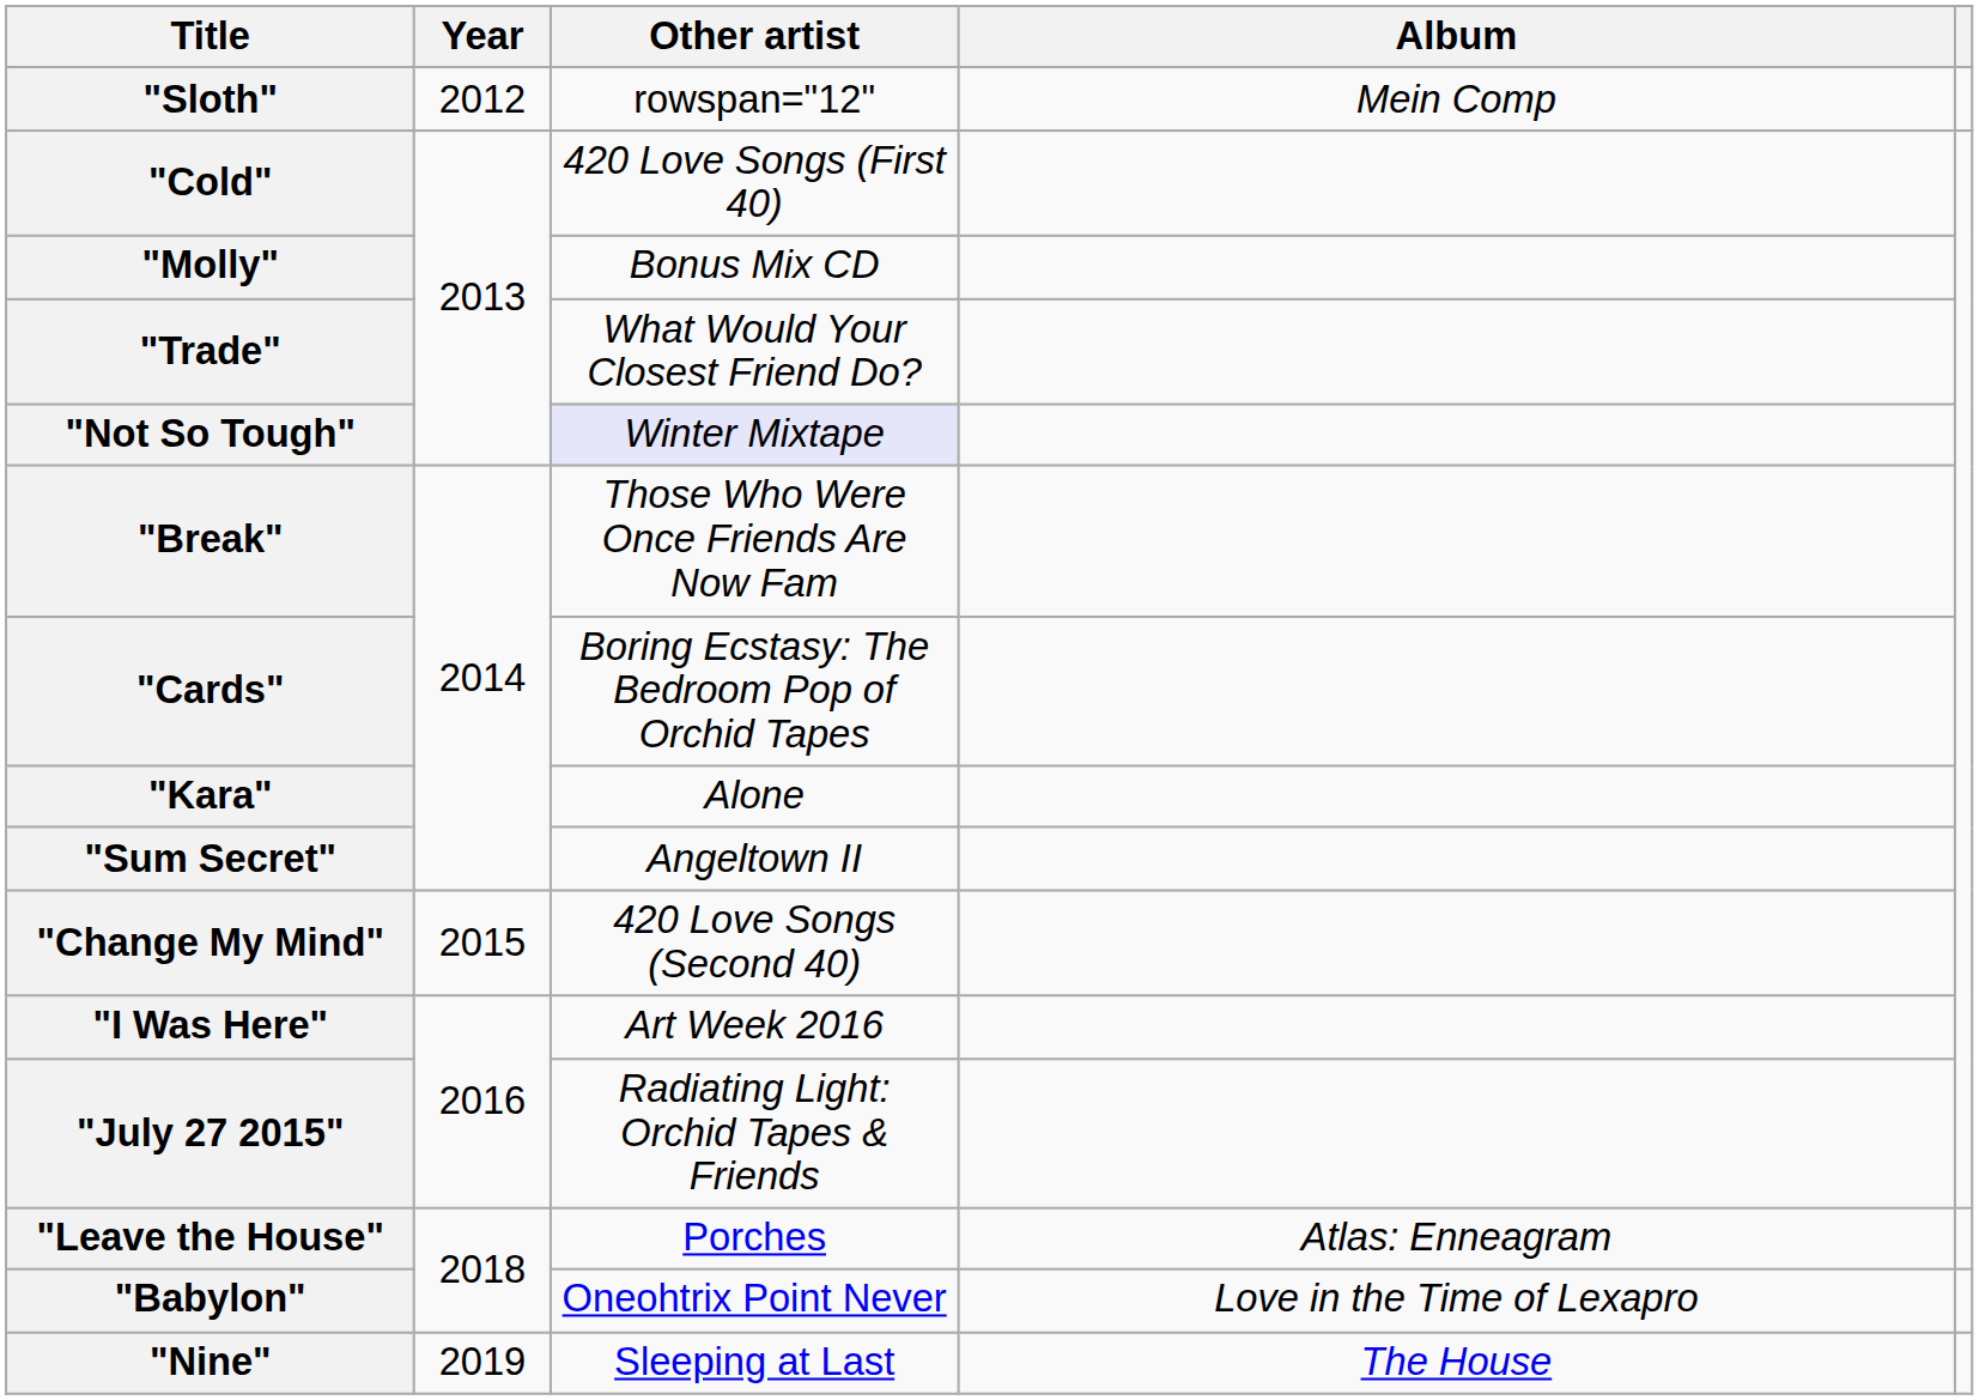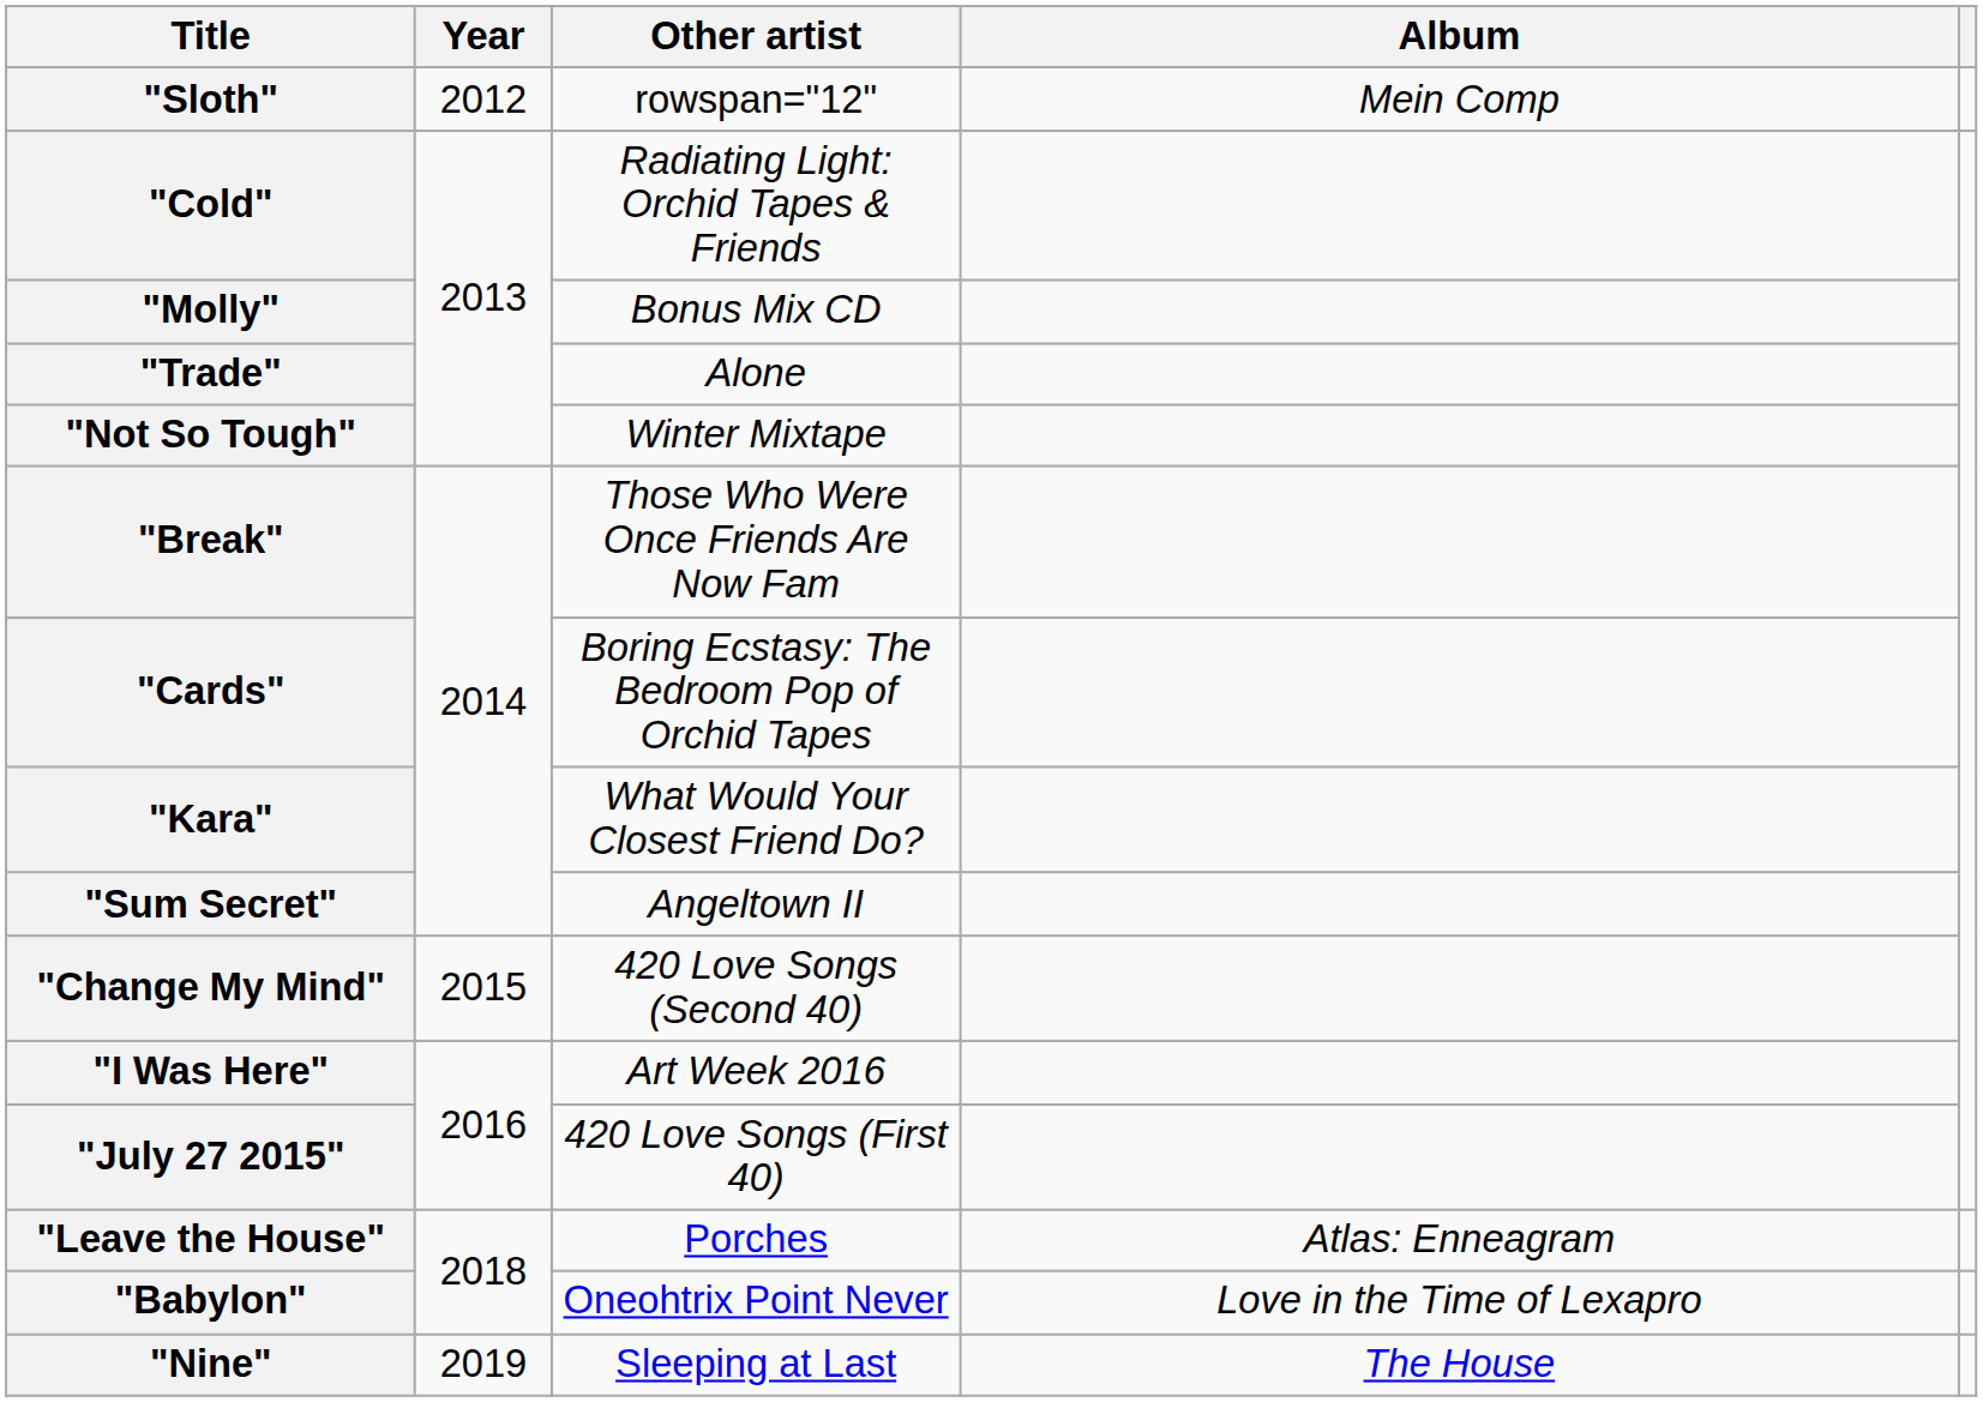 <table class="wikitable plainrowheaders" style="text-align:center;">
 <tr>
 <th scope="col" style="width:10em;">Title</th>
 <th scope="col" style="width:3em;">Year</th>
 <th scope="col" style="width:10em;">Other artist</th>
 <th scope="col" style="width:25em;">Album</th>
 <th></th>
 </tr>
 <tr>
 <th scope="row">"Sloth"</th>
 <td>2012</td>
 <td>rowspan="12" </td>
 <td><em>Mein Comp</em></td>
 <td></td>
 </tr>
 <tr>
 <th scope="row">"Cold"</th>
 <td rowspan="4">2013</td>
-<td><em>420 Love Songs (First 40)</em></td>
+<td><em>Radiating Light: Orchid Tapes & Friends</em></td>
 <td></td>
 </tr>
 <tr>
 <th scope="row">"Molly"</th>
 <td><em>Bonus Mix CD</em></td>
 <td></td>
 </tr>
 <tr>
 <th scope="row">"Trade"</th>
-<td><em>What Would Your Closest Friend Do?</em></td>
+<td><em>Alone</em></td>
 <td></td>
 </tr>
 <tr>
 <th scope="row">"Not So Tough"</th>
-<td style="background: lavender;"><em>Winter Mixtape</em></td>
+<td><em>Winter Mixtape</em></td>
 <td></td>
 </tr>
 <tr>
 <th scope="row">"Break"</th>
 <td rowspan="4">2014</td>
 <td><em>Those Who Were Once Friends Are Now Fam</em></td>
 <td></td>
 </tr>
 <tr>
 <th scope="row">"Cards"</th>
 <td><em>Boring Ecstasy: The Bedroom Pop of Orchid Tapes</em></td>
 <td></td>
 </tr>
 <tr>
 <th scope="row">"Kara"</th>
-<td><em>Alone</em></td>
+<td><em>What Would Your Closest Friend Do?</em></td>
 <td></td>
 </tr>
 <tr>
 <th scope="row">"Sum Secret"</th>
 <td><em>Angeltown II</em></td>
 <td></td>
 </tr>
 <tr>
 <th scope="row">"Change My Mind"</th>
 <td>2015</td>
 <td><em>420 Love Songs (Second 40)</em></td>
 <td></td>
 </tr>
 <tr>
 <th scope="row">"I Was Here"</th>
 <td rowspan="2">2016</td>
 <td><em>Art Week 2016</em></td>
 <td><em></em></td>
 </tr>
 <tr>
 <th scope="row">"July 27 2015"</th>
-<td><em>Radiating Light: Orchid Tapes & Friends</em></td>
+<td><em>420 Love Songs (First 40)</em></td>
 <td></td>
 </tr>
 <tr>
 <th scope="row">"Leave the House"</th>
 <td rowspan="2">2018</td>
 <td><a href='#'>Porches</a></td>
 <td><em>Atlas: Enneagram</em></td>
 <td></td>
 </tr>
 <tr>
 <th scope="row">"Babylon"</th>
 <td><a href='#'>Oneohtrix Point Never</a></td>
 <td><em>Love in the Time of Lexapro</em></td>
 <td></td>
 </tr>
 <tr>
 <th scope="row">"Nine"</th>
 <td>2019</td>
 <td><a href='#'>Sleeping at Last</a></td>
 <td><em><a href='#'>The House</a></em></td>
 <td></td>
 </tr>
 </table>
